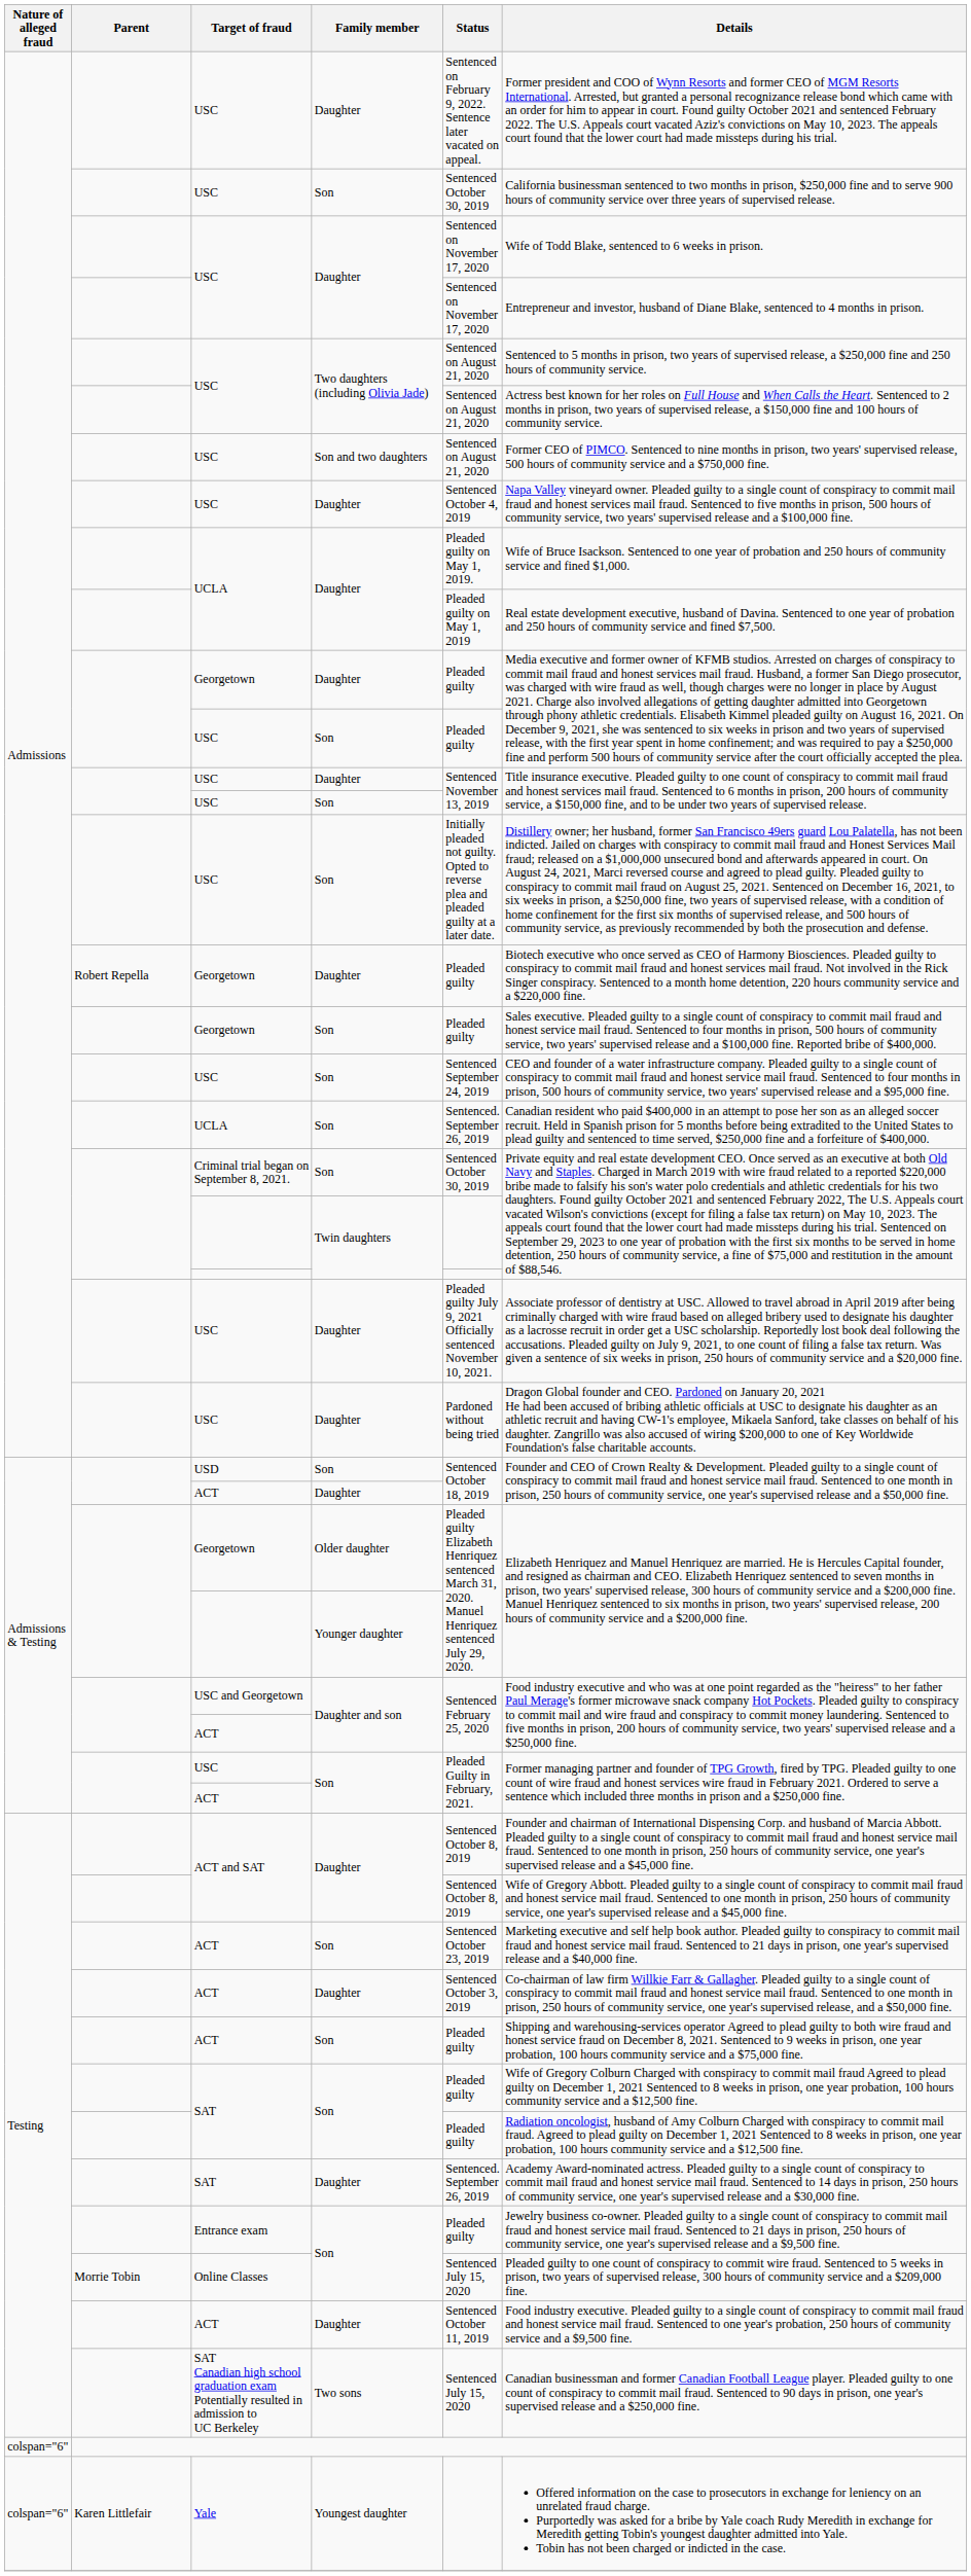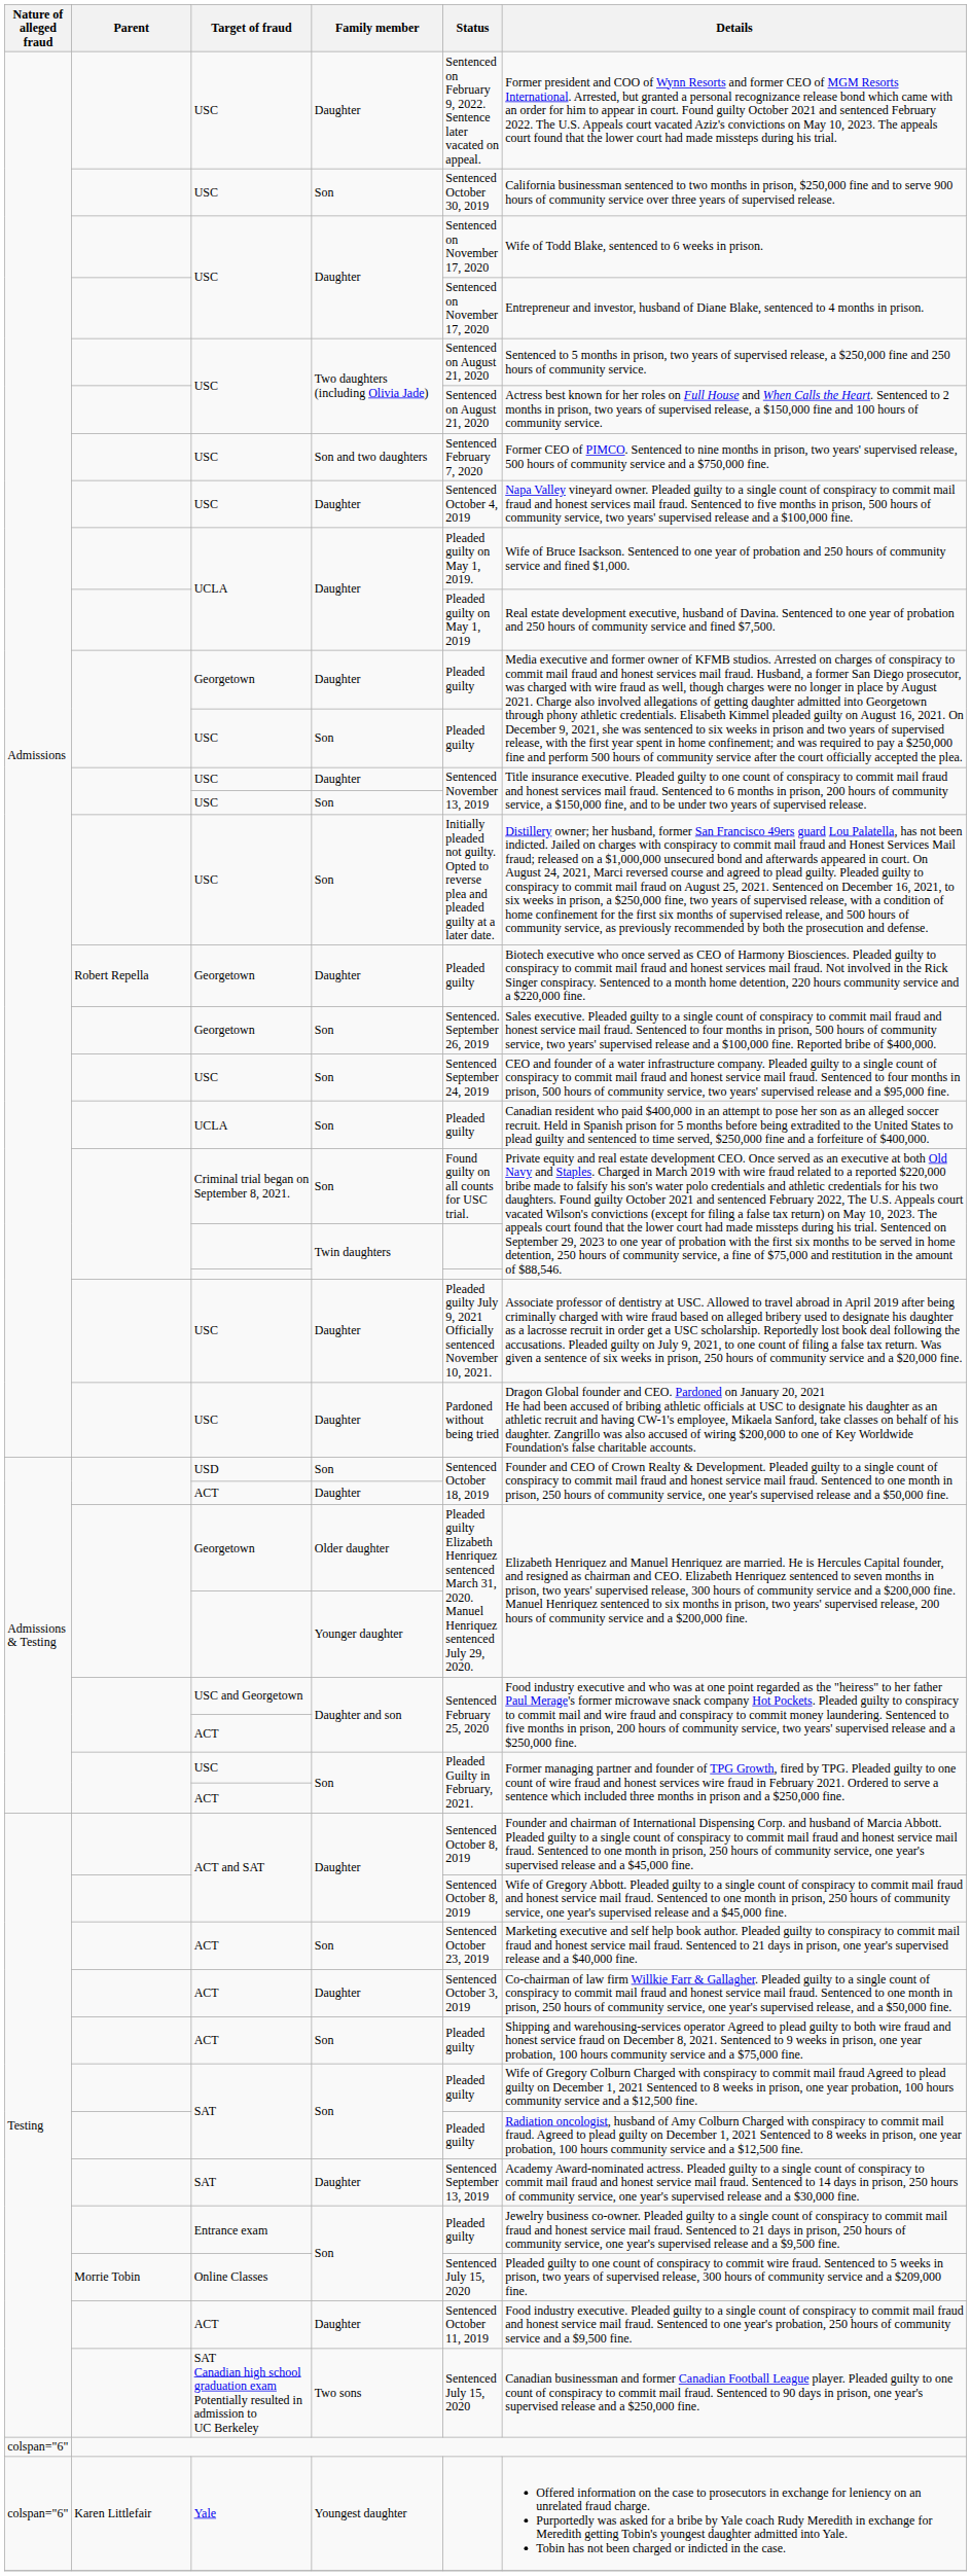 <table class="wikitable sortable">
 <tr>
 <th style="width: 5em;">Nature of<wbr> alleged fraud</th>
 <th style="width: 13em;">Parent</th>
 <th style="width: 12em;">Target<wbr> of fraud</th>
 <th style="width: 13em;">Family<wbr> member</th>
 <th>Status</th>
 <th style="width: 57em;">Details</th>
 </tr>
 <tr>
 <td rowspan="24">Admissions</td>
 <td></td>
 <td>USC</td>
 <td>Daughter</td>
 <td>Sentenced on February 9, 2022. Sentence later vacated on appeal.</td>
 <td>Former president and COO of <a href='#'>Wynn Resorts</a> and former CEO of <a href='#'>MGM Resorts International</a>. Arrested, but granted a personal recognizance release bond which came with an order for him to appear in court. Found guilty October 2021 and sentenced February 2022. The U.S. Appeals court vacated Aziz's convictions on May 10, 2023. The appeals court found that the lower court had made missteps during his trial.</td>
 </tr>
 <tr>
 <td></td>
 <td>USC</td>
 <td>Son</td>
 <td>Sentenced October 30, 2019</td>
 <td>California businessman sentenced to two months in prison, $250,000 fine and to serve 900 hours of community service over three years of supervised release.</td>
 </tr>
 <tr>
 <td></td>
 <td rowspan="2">USC</td>
 <td rowspan="2">Daughter</td>
 <td>Sentenced on November 17, 2020</td>
 <td>Wife of Todd Blake, sentenced to 6 weeks in prison.</td>
 </tr>
 <tr>
 <td></td>
 <td>Sentenced on November 17, 2020</td>
 <td>Entrepreneur and investor, husband of Diane Blake, sentenced to 4 months in prison.</td>
 </tr>
 <tr>
 <td></td>
 <td rowspan="2">USC</td>
 <td rowspan="2">Two daughters<wbr> (including <a href='#'>Olivia&nbsp;Jade</a>)</td>
 <td>Sentenced on August 21, 2020</td>
 <td>Sentenced to 5 months in prison, two years of supervised release, a $250,000 fine and 250 hours of community service.</td>
 </tr>
 <tr>
 <td></td>
 <td>Sentenced on August 21, 2020</td>
 <td>Actress best known for her roles on <em><a href='#'>Full House</a></em> and <em><a href='#'>When Calls the Heart</a>.</em>  Sentenced to 2 months in prison, two years of supervised release, a $150,000 fine and 100 hours of community service.</td>
 </tr>
 <tr>
 <td></td>
 <td>USC</td>
 <td>Son and two daughters</td>
-<td>Sentenced on August 21, 2020</td>
+<td>Sentenced February 7, 2020</td>
 <td>Former CEO of <a href='#'>PIMCO</a>. Sentenced to nine months in prison, two years' supervised release, 500 hours of community service and a $750,000 fine.</td>
 </tr>
 <tr>
 <td></td>
 <td>USC</td>
 <td>Daughter</td>
 <td>Sentenced October 4, 2019</td>
 <td><a href='#'>Napa Valley</a> vineyard owner. Pleaded guilty to a single count of conspiracy to commit mail fraud and honest services mail fraud. Sentenced to five months in prison, 500 hours of community service, two years' supervised release and a $100,000 fine.</td>
 </tr>
 <tr>
 <td></td>
 <td rowspan="2">UCLA</td>
 <td rowspan="2">Daughter</td>
 <td>Pleaded guilty on May 1, 2019.</td>
 <td>Wife of Bruce Isackson. Sentenced to one year of probation and 250 hours of community service and fined $1,000.</td>
 </tr>
 <tr>
 <td></td>
 <td>Pleaded guilty on May 1, 2019</td>
 <td>Real estate development executive, husband of Davina. Sentenced to one year of probation and 250 hours of community service and fined $7,500.</td>
 </tr>
 <tr>
 <td rowspan="2"></td>
 <td>Georgetown</td>
 <td>Daughter</td>
 <td>Pleaded guilty</td>
 <td rowspan="2">Media executive and former owner of KFMB studios. Arrested on charges of conspiracy to commit mail fraud and honest services mail fraud. Husband, a former San Diego prosecutor, was charged with wire fraud as well, though charges were no longer in place by August 2021. Charge also involved allegations of getting daughter admitted into Georgetown through phony athletic credentials. Elisabeth Kimmel pleaded guilty on August 16, 2021. On December 9, 2021, she was sentenced to six weeks in prison and two years of supervised release, with the first year spent in home confinement; and was required to pay a $250,000 fine and perform 500 hours of community service after the court officially accepted the plea.</td>
 </tr>
 <tr>
 <td>USC</td>
 <td>Son</td>
 <td>Pleaded guilty</td>
 </tr>
 <tr>
 <td rowspan="2"></td>
 <td>USC</td>
 <td>Daughter</td>
 <td rowspan="2">Sentenced<br>November 13, 2019</td>
 <td rowspan="2">Title insurance executive. Pleaded guilty to one count of conspiracy to commit mail fraud and honest services mail fraud. Sentenced to 6 months in prison, 200 hours of community service, a $150,000 fine, and to be under two years of supervised release.</td>
 </tr>
 <tr>
 <td>USC</td>
 <td>Son</td>
 </tr>
 <tr>
 <td></td>
 <td>USC</td>
 <td>Son</td>
 <td>Initially pleaded not guilty. Opted to reverse plea and pleaded guilty at a later date.</td>
 <td><a href='#'>Distillery</a> owner; her husband, former <a href='#'>San Francisco 49ers</a> <a href='#'>guard</a> <a href='#'>Lou Palatella</a>, has not been indicted. Jailed on charges with conspiracy to commit mail fraud and Honest Services Mail fraud; released on a $1,000,000 unsecured bond and afterwards appeared in court. On August 24, 2021, Marci reversed course and agreed to plead guilty. Pleaded guilty to conspiracy to commit mail fraud on August 25, 2021. Sentenced on December 16, 2021, to six weeks in prison, a $250,000 fine, two years of supervised release, with a condition of home confinement for the first six months of supervised release, and 500 hours of community service, as previously recommended by both the prosecution and defense.</td>
 </tr>
 <tr>
 <td>Robert Repella</td>
 <td>Georgetown</td>
 <td>Daughter</td>
 <td>Pleaded guilty</td>
 <td>Biotech executive who once served as CEO of Harmony Biosciences. Pleaded guilty to conspiracy to commit mail fraud and honest services mail fraud. Not involved in the Rick Singer conspiracy. Sentenced to a month home detention, 220 hours community service and a $220,000 fine.</td>
 </tr>
 <tr>
 <td></td>
 <td>Georgetown</td>
 <td>Son</td>
-<td>Pleaded guilty</td>
+<td>Sentenced.<br>September 26, 2019</td>
 <td>Sales executive. Pleaded guilty to a single count of conspiracy to commit mail fraud and honest service mail fraud. Sentenced to four months in prison, 500 hours of community service, two years' supervised release and a $100,000 fine. Reported bribe of $400,000.</td>
 </tr>
 <tr>
 <td></td>
 <td>USC</td>
 <td>Son</td>
 <td>Sentenced<br>September 24, 2019</td>
 <td>CEO and founder of a water infrastructure company. Pleaded guilty to a single count of conspiracy to commit mail fraud and honest service mail fraud. Sentenced to four months in prison, 500 hours of community service, two years' supervised release and a $95,000 fine.</td>
 </tr>
 <tr>
 <td></td>
 <td>UCLA</td>
 <td>Son</td>
-<td>Sentenced.<br>September 26, 2019</td>
+<td>Pleaded guilty</td>
 <td>Canadian resident who paid $400,000 in an attempt to pose her son as an alleged soccer recruit. Held in Spanish prison for 5 months before being extradited to the United States to plead guilty and sentenced to time served, $250,000 fine and a forfeiture of $400,000.</td>
 </tr>
 <tr>
 <td rowspan="3"></td>
 <td> Criminal trial began on September 8, 2021.</td>
 <td>Son</td>
-<td>Sentenced October 30, 2019</td>
+<td>Found guilty on all counts for USC trial.</td>
 <td rowspan="3">Private equity and real estate development CEO. Once served as an executive at both <a href='#'>Old Navy</a> and <a href='#'>Staples</a>. Charged in March 2019 with wire fraud related to a reported $220,000 bribe made to falsify his son's water polo credentials and athletic credentials for his two daughters. Found guilty October 2021 and sentenced February 2022, The U.S. Appeals court vacated Wilson's convictions (except for filing a false tax return) on May 10, 2023. The appeals court found that the lower court had made missteps during his trial. Sentenced on September 29, 2023 to one year of probation with the first six months to be served in home detention, 250 hours of community service, a fine  of $75,000 and restitution in the amount of $88,546.</td>
 </tr>
 <tr>
 <td></td>
 <td rowspan="2">Twin daughters</td>
 <td></td>
 </tr>
 <tr>
 <td></td>
 <td></td>
 </tr>
 <tr>
 <td></td>
 <td>USC</td>
 <td>Daughter</td>
 <td>Pleaded guilty July 9, 2021 Officially sentenced November 10, 2021.</td>
 <td>Associate professor of dentistry at USC. Allowed to travel abroad in April 2019 after being criminally charged with wire fraud based on alleged bribery used to designate his daughter as a lacrosse recruit in order get a USC scholarship. Reportedly lost book deal following the accusations. Pleaded guilty on July 9, 2021, to one count of filing a false tax return. Was given a sentence of six weeks in prison, 250 hours of community service and a $20,000 fine.</td>
 </tr>
 <tr>
 <td></td>
 <td>USC</td>
 <td>Daughter</td>
 <td>Pardoned without being tried</td>
 <td>Dragon Global founder and CEO. <a href='#'>Pardoned</a> on January 20, 2021<br>He had been accused of bribing athletic officials at USC to designate his daughter as an athletic recruit and having CW-1's employee, Mikaela Sanford, take classes on behalf of his daughter. Zangrillo was also accused of wiring $200,000 to one of Key Worldwide Foundation's false charitable accounts.</td>
 </tr>
 <tr>
 <td rowspan="8">Admissions & Testing</td>
 <td rowspan="2"></td>
 <td>USD</td>
 <td>Son</td>
 <td rowspan="2">Sentenced<br>October 18, 2019</td>
 <td rowspan="2">Founder and CEO of Crown Realty & Development. Pleaded guilty to a single count of conspiracy to commit mail fraud and honest service mail fraud. Sentenced to one month in prison, 250 hours of community service, one year's supervised release and a $50,000 fine.</td>
 </tr>
 <tr>
 <td>ACT</td>
 <td>Daughter</td>
 </tr>
 <tr>
 <td rowspan="2"></td>
 <td>Georgetown</td>
 <td>Older daughter</td>
 <td rowspan="2">Pleaded guilty<br>Elizabeth Henriquez sentenced March 31, 2020.<br>Manuel Henriquez sentenced July 29, 2020.</td>
 <td rowspan="2">Elizabeth Henriquez and Manuel Henriquez are married. He is Hercules Capital founder, and resigned as chairman and CEO. Elizabeth Henriquez sentenced to seven months in prison, two years' supervised release, 300 hours of community service and a $200,000 fine. Manuel Henriquez sentenced to six months in prison, two years' supervised release, 200 hours of community service and a $200,000 fine.</td>
 </tr>
 <tr>
 <td></td>
 <td>Younger daughter</td>
 </tr>
 <tr>
 <td rowspan="2"></td>
 <td>USC and Georgetown</td>
 <td rowspan="2">Daughter and son</td>
 <td rowspan="2">Sentenced February 25, 2020</td>
 <td rowspan="2">Food industry executive and who was at one point regarded as the "heiress" to her father <a href='#'>Paul Merage</a>'s former microwave snack company <a href='#'>Hot Pockets</a>. Pleaded guilty to conspiracy to commit mail and wire fraud and conspiracy to commit money laundering. Sentenced to five months in prison, 200 hours of community service, two years' supervised release and a $250,000 fine.</td>
 </tr>
 <tr>
 <td>ACT</td>
 </tr>
 <tr>
 <td rowspan="2"></td>
 <td>USC</td>
 <td rowspan="2">Son</td>
 <td rowspan="2">Pleaded Guilty in February, 2021.</td>
 <td rowspan="2">Former managing partner and founder of <a href='#'>TPG Growth</a>, fired by TPG. Pleaded guilty to one count of wire fraud and honest services wire fraud in February 2021. Ordered to serve a sentence which included three months in prison and a $250,000 fine.</td>
 </tr>
 <tr>
 <td>ACT</td>
 </tr>
 <tr>
 <td rowspan="12">Testing</td>
 <td></td>
 <td rowspan="2">ACT and SAT</td>
 <td rowspan="2">Daughter</td>
 <td>Sentenced October 8, 2019</td>
 <td>Founder and chairman of International Dispensing Corp. and husband of Marcia Abbott. Pleaded guilty to a single count of conspiracy to commit mail fraud and honest service mail fraud. Sentenced to one month in prison, 250 hours of community service, one year's supervised release and a $45,000 fine.</td>
 </tr>
 <tr>
 <td></td>
 <td>Sentenced October 8, 2019</td>
 <td>Wife of Gregory Abbott. Pleaded guilty to a single count of conspiracy to commit mail fraud and honest service mail fraud. Sentenced to one month in prison, 250 hours of community service, one year's supervised release and a $45,000 fine.</td>
 </tr>
 <tr>
 <td></td>
 <td>ACT</td>
 <td>Son</td>
 <td>Sentenced October 23, 2019</td>
 <td>Marketing executive and self help book author. Pleaded guilty to conspiracy to commit mail fraud and honest service mail fraud. Sentenced to 21 days in prison, one year's supervised release and a $40,000 fine.</td>
 </tr>
 <tr>
 <td></td>
 <td>ACT</td>
 <td>Daughter</td>
 <td>Sentenced October 3, 2019</td>
 <td>Co-chairman of law firm <a href='#'>Willkie Farr & Gallagher</a>. Pleaded guilty to a single count of conspiracy to commit mail fraud and honest service mail fraud. Sentenced to one month in prison, 250 hours of community service, one year's supervised release, and a $50,000 fine.</td>
 </tr>
 <tr>
 <td></td>
 <td>ACT</td>
 <td>Son</td>
 <td>Pleaded guilty</td>
 <td>Shipping and warehousing-services operator Agreed to plead guilty to both wire fraud and honest service fraud on December 8, 2021. Sentenced to 9 weeks in prison, one year probation, 100 hours community service and a $75,000 fine.</td>
 </tr>
 <tr>
 <td></td>
 <td rowspan="2">SAT</td>
 <td rowspan="2">Son</td>
 <td>Pleaded guilty</td>
 <td>Wife of Gregory Colburn Charged with conspiracy to commit mail fraud Agreed to plead guilty on December 1, 2021 Sentenced to 8 weeks in prison, one year probation, 100 hours community service and a $12,500 fine.</td>
 </tr>
 <tr>
 <td></td>
 <td>Pleaded guilty</td>
 <td><a href='#'>Radiation oncologist</a>, husband of Amy Colburn Charged with conspiracy to commit mail fraud. Agreed to plead guilty on December 1, 2021 Sentenced to 8 weeks in prison, one year probation, 100 hours community service and a $12,500 fine.</td>
 </tr>
 <tr>
 <td></td>
 <td>SAT</td>
 <td>Daughter</td>
-<td>Sentenced.<br>September 26, 2019</td>
+<td>Sentenced<br>September 13, 2019</td>
 <td>Academy Award-nominated actress. Pleaded guilty to a single count of conspiracy to commit mail fraud and honest service mail fraud. Sentenced to 14 days in prison, 250 hours of community service, one year's supervised release and a $30,000 fine.</td>
 </tr>
 <tr>
 <td></td>
 <td>Entrance exam</td>
 <td rowspan="2">Son</td>
 <td>Pleaded guilty</td>
 <td>Jewelry business co-owner. Pleaded guilty to a single count of conspiracy to commit mail fraud and honest service mail fraud. Sentenced to 21 days in prison, 250 hours of community service, one year's supervised release and a $9,500 fine.</td>
 </tr>
 <tr>
 <td>Morrie Tobin</td>
 <td>Online Classes</td>
 <td>Sentenced July 15, 2020</td>
 <td>Pleaded guilty to one count of conspiracy to commit wire fraud. Sentenced to 5 weeks in prison, two years of supervised release, 300 hours of community service and a $209,000 fine.</td>
 </tr>
 <tr>
 <td></td>
 <td>ACT</td>
 <td>Daughter</td>
 <td>Sentenced October 11, 2019</td>
 <td>Food industry executive. Pleaded guilty to a single count of conspiracy to commit mail fraud and honest service mail fraud. Sentenced to one year's probation, 250 hours of community service and a $9,500 fine.</td>
 </tr>
 <tr>
 <td></td>
 <td>SAT<br><a href='#'>Canadian high school graduation exam</a><br>Potentially resulted in admission to UC Berkeley</td>
 <td>Two sons</td>
 <td>Sentenced July 15, 2020</td>
 <td>Canadian businessman and former <a href='#'>Canadian Football League</a> player. Pleaded guilty to one count of conspiracy to commit mail fraud. Sentenced to 90 days in prison, one year's supervised release and a $250,000 fine.</td>
 </tr>
 <tr>
 <td>colspan="6" </td>
 </tr>
 <tr>
 <td>colspan="6" </td>
 <td>Karen Littlefair</td>
 <td><a href='#'>Yale</a></td>
 <td>Youngest daughter</td>
 <td></td>
 <td><br><ul><li>Offered information on the case to prosecutors in exchange for leniency on an unrelated fraud charge.</li><li>Purportedly was asked for a bribe by Yale coach Rudy Meredith in exchange for Meredith getting Tobin's youngest daughter admitted into Yale.</li><li>Tobin has not been charged or indicted in the case.</li></ul></td>
 </tr>
 <tr>
 </tr>
 </table>
